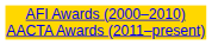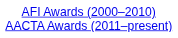 <table id=toc class=toc summary=Contents>
 <tr>
 <th></th>
 </tr>
 <tr>
-<td align=center style="background: gold;"><a href='#'>AFI Awards (2000–2010)</a><br><a href='#'>AACTA Awards (2011–present)</a></td>
+<td align=center><a href='#'>AFI Awards (2000–2010)</a><br><a href='#'>AACTA Awards (2011–present)</a></td>
 </tr>
 </table>
